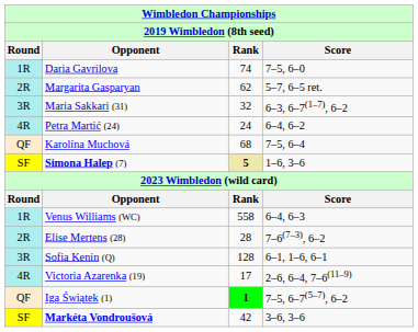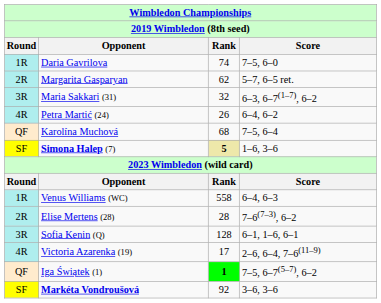 <table class=wikitable style=font-size:97%>
 <tr>
 <th colspan=4 style="background:#cfc;"><a href='#'>Wimbledon Championships</a></th>
 </tr>
 <tr>
 <th colspan=4 style="background:#cfc;"><a href='#'>2019 Wimbledon</a> (8th seed)</th>
 </tr>
 <tr>
 <th width=40>Round</th>
 <th width=250>Opponent</th>
 <th width=40>Rank</th>
 <th width=200>Score</th>
 </tr>
 <tr>
 <td style="text-align:center; background:#afeeee;">1R</td>
 <td> <a href='#'>Daria Gavrilova</a></td>
 <td style="text-align:center">74</td>
 <td>7–5, 6–0</td>
 </tr>
 <tr>
 <td style="text-align:center; background:#afeeee;">2R</td>
 <td> <a href='#'>Margarita Gasparyan</a></td>
 <td style="text-align:center">62</td>
 <td>5–7, 6–5 ret.</td>
 </tr>
 <tr>
 <td style="text-align:center; background:#afeeee;">3R</td>
 <td> <a href='#'>Maria Sakkari</a> <small>(31)</small></td>
 <td style="text-align:center">32</td>
 <td>6–3, 6–7<sup>(1–7)</sup>, 6–2</td>
 </tr>
 <tr>
 <td style="text-align:center; background:#afeeee;">4R</td>
 <td> <a href='#'>Petra Martić</a> <small>(24)</small></td>
-<td style="text-align:center">24</td>
+<td style="text-align:center">26</td>
 <td>6–4, 6–2</td>
 </tr>
 <tr>
 <td style="text-align:center; background:#ffebcd;">QF</td>
 <td> <a href='#'>Karolína Muchová</a></td>
 <td style="text-align:center">68</td>
 <td>7–5, 6–4</td>
 </tr>
 <tr>
 <td style="text-align:center; background:yellow;">SF</td>
 <td> <strong><a href='#'>Simona Halep</a></strong> <small>(7)</small></td>
 <td style="text-align:center; background:#eee8aa;"><strong>5</strong></td>
 <td>1–6, 3–6</td>
 </tr>
 <tr>
 <th colspan=4 style="background:#cfc;"><a href='#'>2023 Wimbledon</a> (wild card)</th>
 </tr>
 <tr>
 <th width=40>Round</th>
 <th width=250>Opponent</th>
 <th width=40>Rank</th>
 <th width=200>Score</th>
 </tr>
 <tr>
 <td style="text-align:center; background:#afeeee;">1R</td>
 <td> <a href='#'>Venus Williams</a> <small>(WC)</small></td>
 <td style="text-align:center">558</td>
 <td>6–4, 6–3</td>
 </tr>
 <tr>
 <td style="text-align:center; background:#afeeee;">2R</td>
 <td> <a href='#'>Elise Mertens</a> <small>(28)</small></td>
 <td style="text-align:center">28</td>
 <td>7–6<sup>(7–3)</sup>, 6–2</td>
 </tr>
 <tr>
 <td style="text-align:center; background:#afeeee;">3R</td>
 <td> <a href='#'>Sofia Kenin</a> <small>(Q)</small></td>
 <td style="text-align:center">128</td>
 <td>6–1, 1–6, 6–1</td>
 </tr>
 <tr>
 <td style="text-align:center; background:#afeeee;">4R</td>
 <td> <a href='#'>Victoria Azarenka</a> <small>(19)</small></td>
 <td style="text-align:center">17</td>
 <td>2–6, 6–4, 7–6<sup>(11–9)</sup></td>
 </tr>
 <tr>
 <td style="text-align:center; background:#ffebcd;">QF</td>
 <td> <a href='#'>Iga Świątek</a> <small>(1)</small></td>
 <td style="text-align:center; background:lime;"><strong>1</strong></td>
 <td>7–5, 6–7<sup>(5–7)</sup>, 6–2</td>
 </tr>
 <tr>
 <td style="text-align:center; background:yellow;">SF</td>
 <td> <strong><a href='#'>Markéta Vondroušová</a></strong></td>
-<td style="text-align:center">42</td>
+<td style="text-align:center">92</td>
 <td>3–6, 3–6</td>
 </tr>
 </table>
